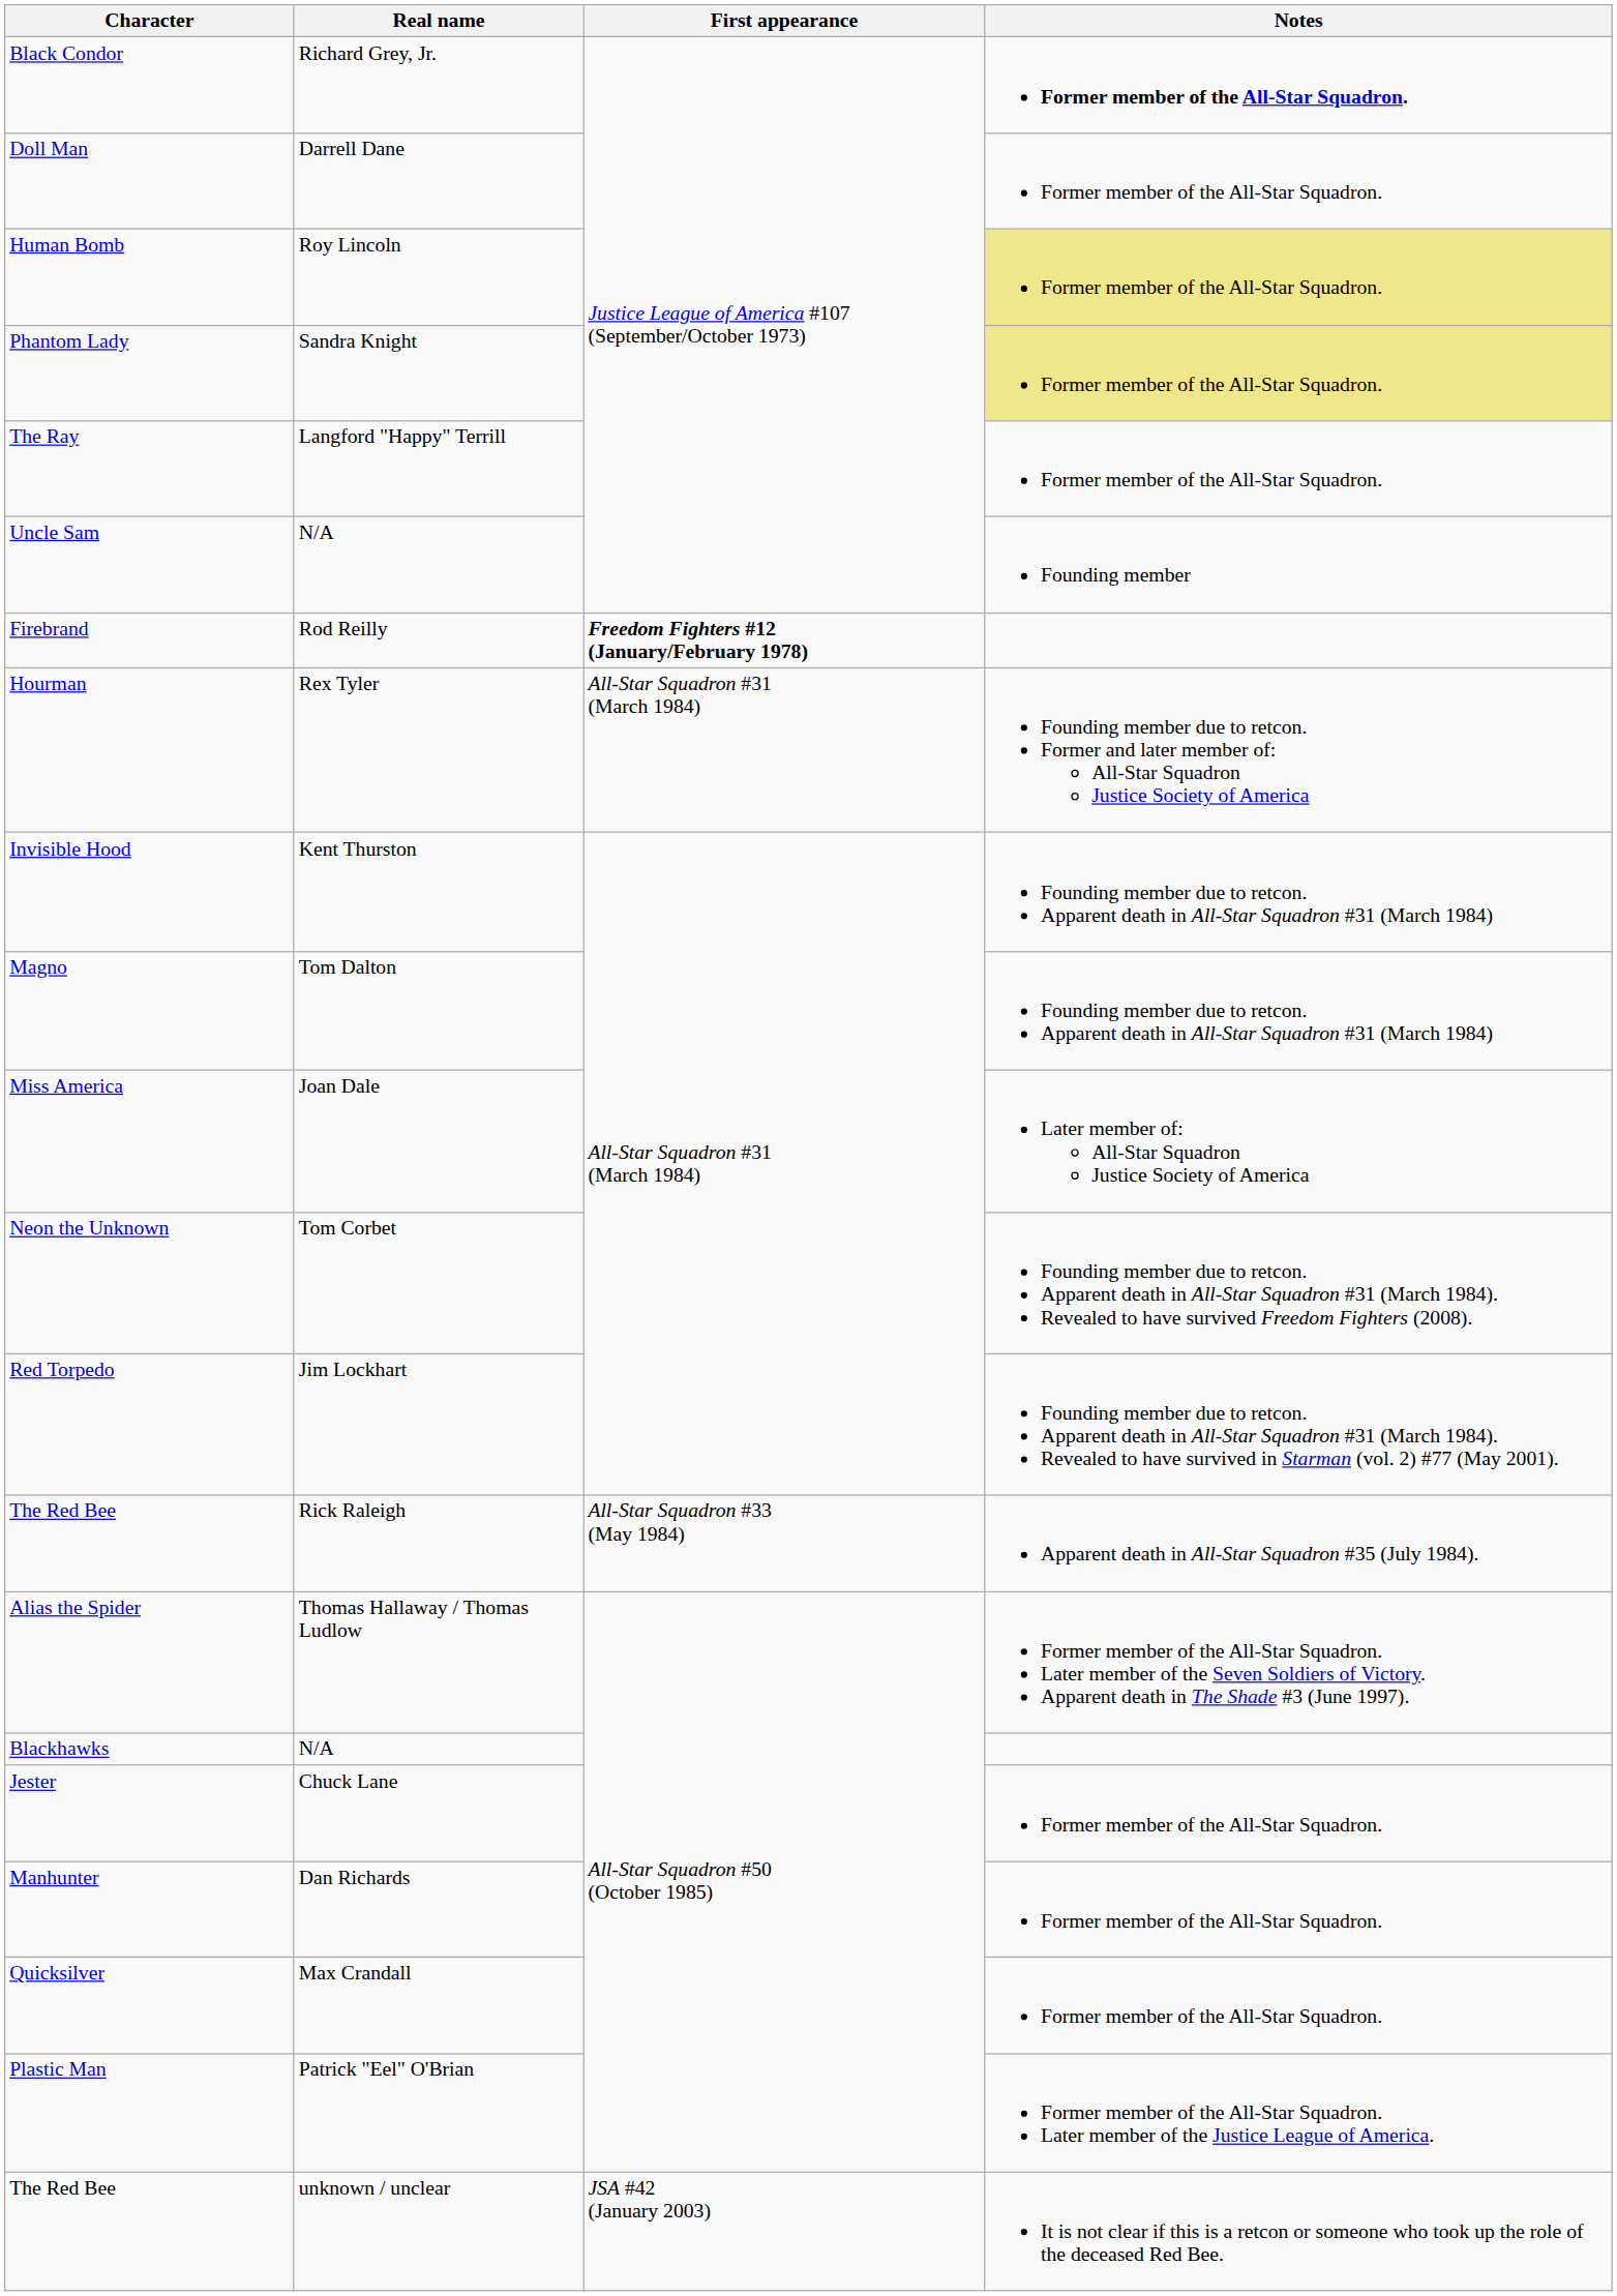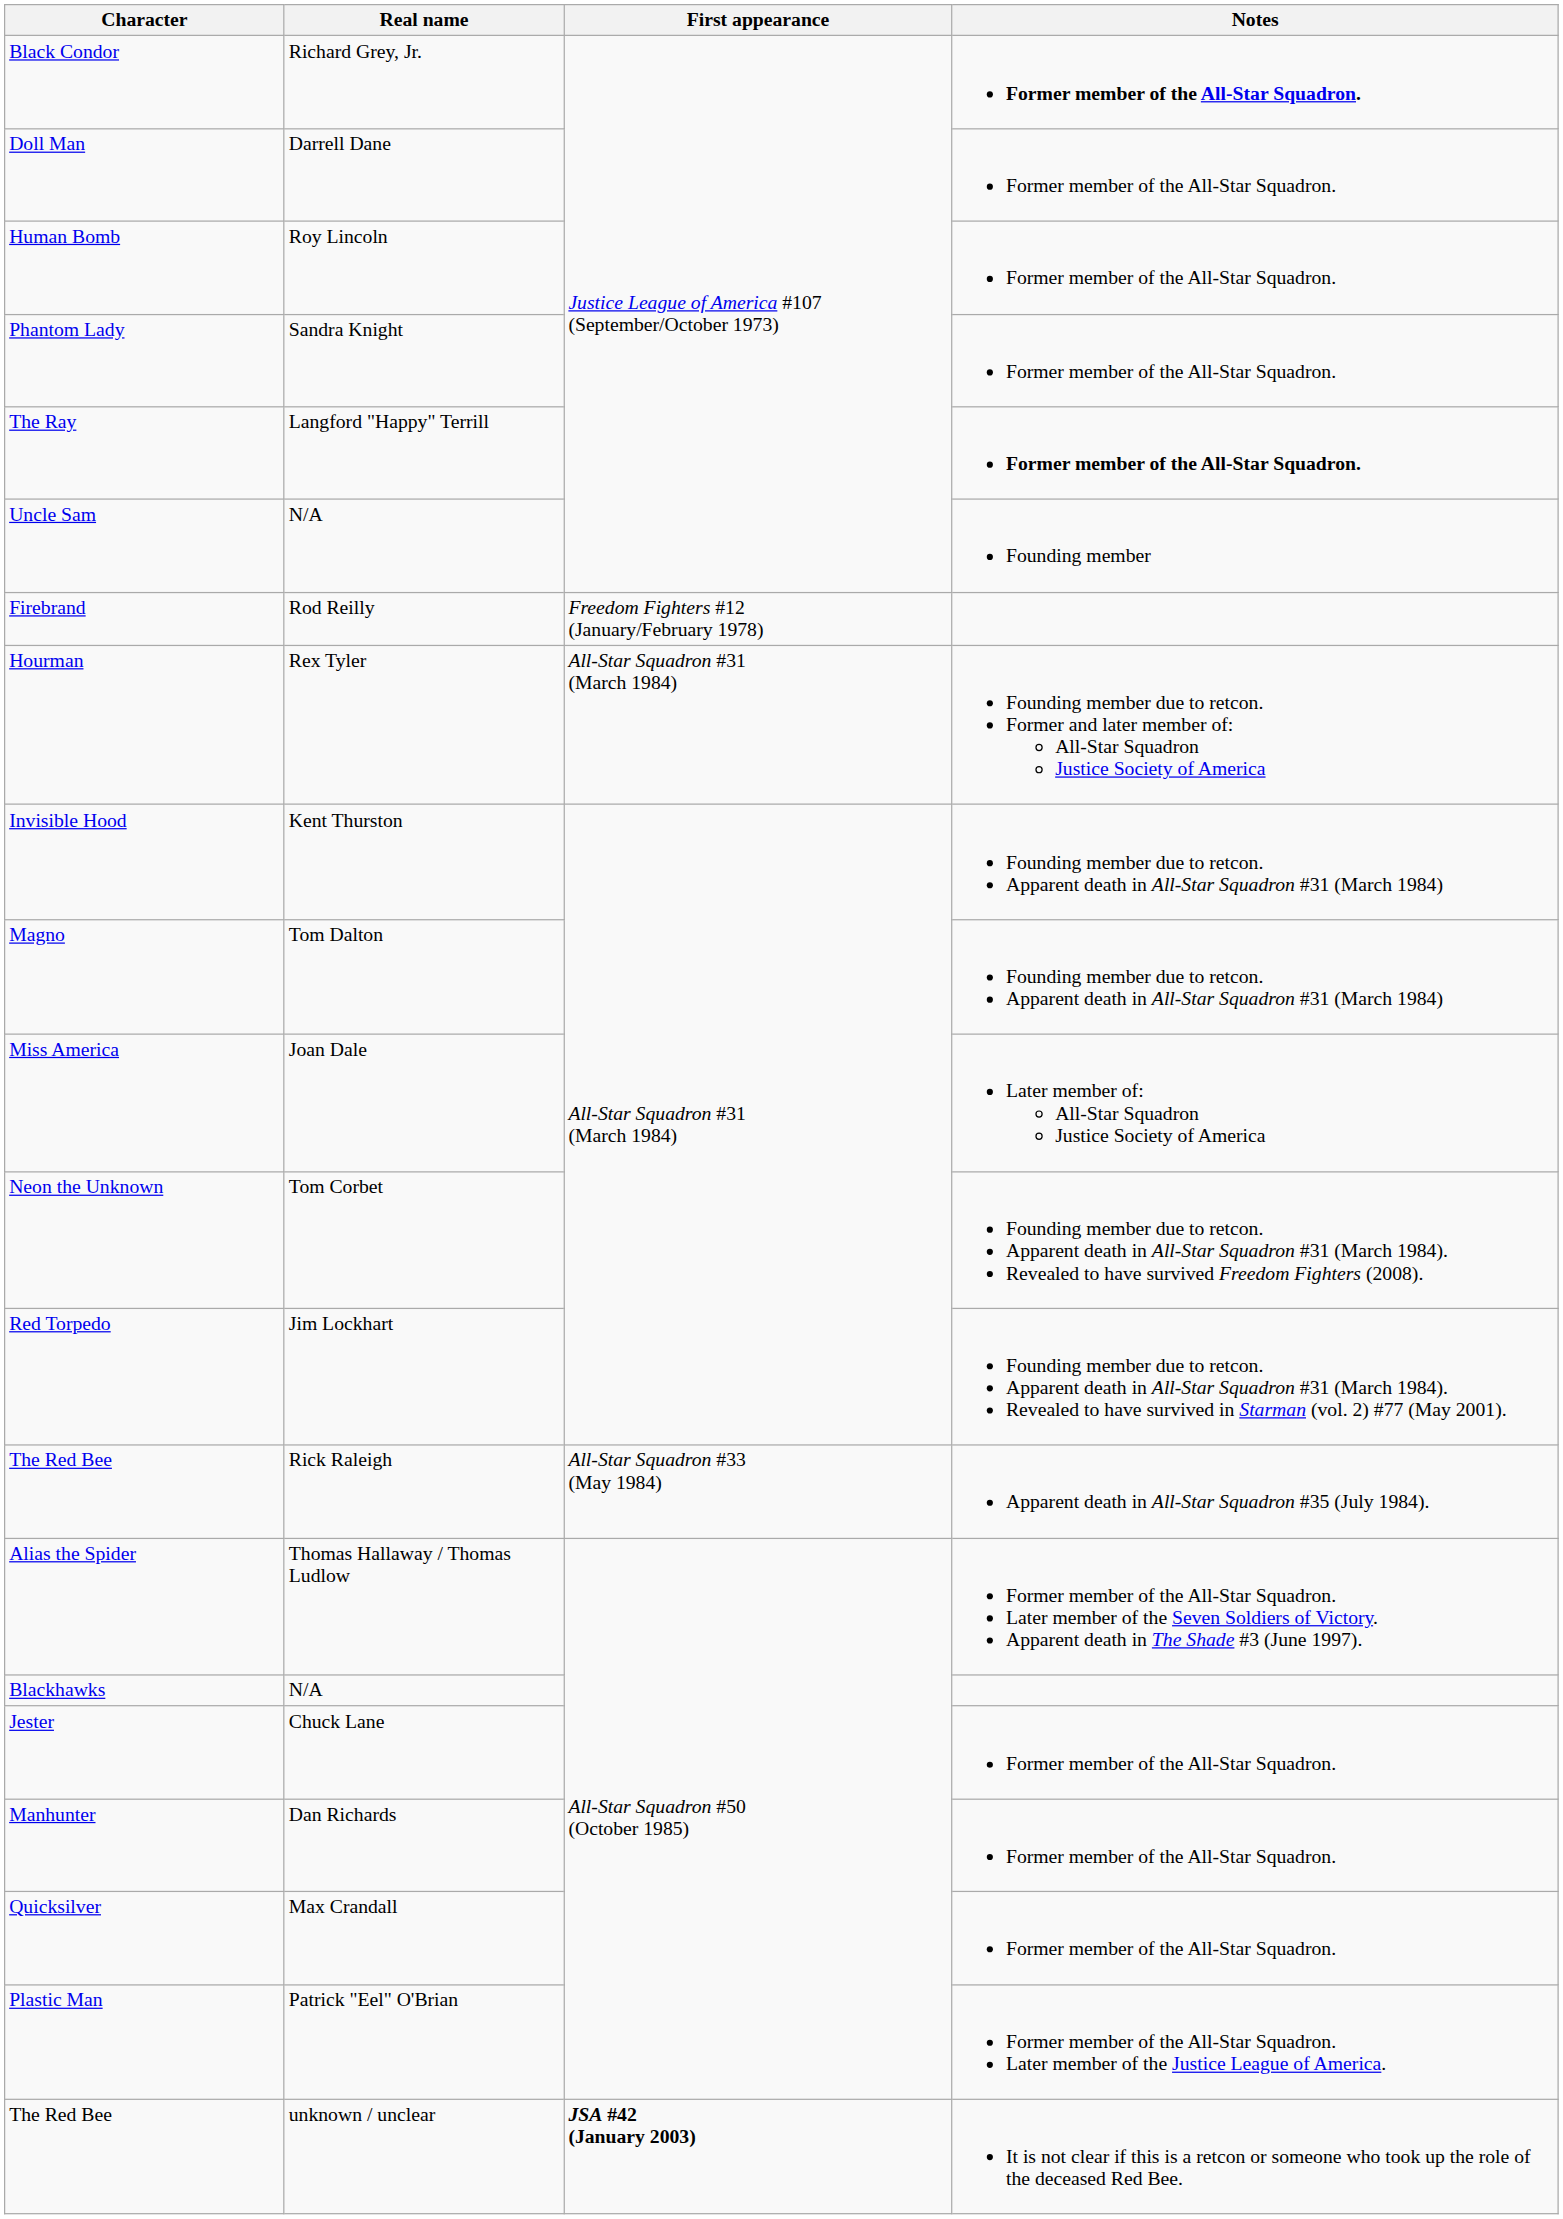 <table class="wikitable" width=100%>
 <tr>
 <th width=18%>Character</th>
 <th width=18%>Real name</th>
 <th width=25%>First appearance</th>
 <th width=39%>Notes</th>
 </tr>
 <tr>
 <td valign="top"><a href='#'>Black Condor</a></td>
 <td valign="top">Richard Grey, Jr.</td>
 <td rowspan="6"><em><a href='#'>Justice League of America</a></em> #107<br>(September/October 1973)</td>
 <td valign="top"><strong><br><ul><li>Former member of the <a href='#'>All-Star Squadron</a>.</li></ul></strong></td>
 </tr>
 <tr>
 <td valign="top"><a href='#'>Doll Man</a></td>
 <td valign="top">Darrell Dane</td>
 <td valign="top"><br><ul><li>Former member of the All-Star Squadron.</li></ul></td>
 </tr>
 <tr>
 <td valign="top"><a href='#'>Human Bomb</a></td>
 <td valign="top">Roy Lincoln</td>
-<td valign="top" style="background: khaki;"><br><ul><li>Former member of the All-Star Squadron.</li></ul></td>
+<td valign="top"><br><ul><li>Former member of the All-Star Squadron.</li></ul></td>
 </tr>
 <tr>
 <td valign="top"><a href='#'>Phantom Lady</a></td>
 <td valign="top">Sandra Knight</td>
-<td valign="top" style="background: khaki;"><br><ul><li>Former member of the All-Star Squadron.</li></ul></td>
+<td valign="top"><br><ul><li>Former member of the All-Star Squadron.</li></ul></td>
 </tr>
 <tr>
 <td valign="top"><a href='#'>The Ray</a></td>
 <td valign="top">Langford "Happy" Terrill</td>
-<td valign="top"><br><ul><li>Former member of the All-Star Squadron.</li></ul></td>
+<td valign="top"><strong><br><ul><li>Former member of the All-Star Squadron.</li></ul></strong></td>
 </tr>
 <tr>
 <td valign="top"><a href='#'>Uncle Sam</a></td>
 <td valign="top">N/A</td>
 <td valign="top"><br><ul><li>Founding member</li></ul></td>
 </tr>
 <tr>
 <td valign="top"><a href='#'>Firebrand</a></td>
 <td valign="top">Rod Reilly</td>
-<td valign="top"><strong><em>Freedom Fighters</em> #12<br>(January/February 1978)</strong></td>
+<td valign="top"><em>Freedom Fighters</em> #12<br>(January/February 1978)</td>
 <td valign="top"></td>
 </tr>
 <tr>
 <td valign="top"><a href='#'>Hourman</a></td>
 <td valign="top">Rex Tyler</td>
 <td valign="top"><em>All-Star Squadron</em> #31<br>(March 1984)</td>
 <td valign="top"><br><ul><li>Founding member due to retcon.</li><li>Former and later member of:<ul><li>All-Star Squadron</li><li><a href='#'>Justice Society of America</a></li></ul></li></ul></td>
 </tr>
 <tr>
 <td valign="top"><a href='#'>Invisible Hood</a></td>
 <td valign="top">Kent Thurston</td>
 <td rowspan="5"><em>All-Star Squadron</em> #31<br>(March 1984)</td>
 <td valign="top"><br><ul><li>Founding member due to retcon.</li><li>Apparent death in <em>All-Star Squadron</em> #31 (March 1984)</li></ul></td>
 </tr>
 <tr>
 <td valign="top"><a href='#'>Magno</a></td>
 <td valign="top">Tom Dalton</td>
 <td valign="top"><br><ul><li>Founding member due to retcon.</li><li>Apparent death in <em>All-Star Squadron</em> #31 (March 1984)</li></ul></td>
 </tr>
 <tr>
 <td valign="top"><a href='#'>Miss America</a></td>
 <td valign="top">Joan Dale</td>
 <td valign="top"><br><ul><li>Later member of:<ul><li>All-Star Squadron</li><li>Justice Society of America</li></ul></li></ul></td>
 </tr>
 <tr>
 <td valign="top"><a href='#'>Neon the Unknown</a></td>
 <td valign="top">Tom Corbet</td>
 <td valign="top"><br><ul><li>Founding member due to retcon.</li><li>Apparent death in <em>All-Star Squadron</em> #31 (March 1984).</li><li>Revealed to have survived <em>Freedom Fighters</em> (2008).</li></ul></td>
 </tr>
 <tr>
 <td valign="top"><a href='#'>Red Torpedo</a></td>
 <td valign="top">Jim Lockhart</td>
 <td valign="top"><br><ul><li>Founding member due to retcon.</li><li>Apparent death in <em>All-Star Squadron</em> #31 (March 1984).</li><li>Revealed to have survived in <em><a href='#'>Starman</a></em> (vol. 2) #77 (May 2001).</li></ul></td>
 </tr>
 <tr>
 <td valign="top"><a href='#'>The Red Bee</a></td>
 <td valign="top">Rick Raleigh</td>
 <td valign="top"><em>All-Star Squadron</em> #33<br>(May 1984)</td>
 <td valign="top"><br><ul><li>Apparent death in <em>All-Star Squadron</em> #35 (July 1984).</li></ul></td>
 </tr>
 <tr>
 <td valign="top"><a href='#'>Alias the Spider</a></td>
 <td valign="top">Thomas Hallaway / Thomas Ludlow</td>
 <td rowspan="6"><em>All-Star Squadron</em> #50<br>(October 1985)</td>
 <td valign="top"><br><ul><li>Former member of the All-Star Squadron.</li><li>Later member of the <a href='#'>Seven Soldiers of Victory</a>.</li><li>Apparent death in <em><a href='#'>The Shade</a></em> #3 (June 1997).</li></ul></td>
 </tr>
 <tr>
 <td valign="top"><a href='#'>Blackhawks</a></td>
 <td valign="top">N/A</td>
 <td valign="top"></td>
 </tr>
 <tr>
 <td valign="top"><a href='#'>Jester</a></td>
 <td valign="top">Chuck Lane</td>
 <td valign="top"><br><ul><li>Former member of the All-Star Squadron.</li></ul></td>
 </tr>
 <tr>
 <td valign="top"><a href='#'>Manhunter</a></td>
 <td valign="top">Dan Richards</td>
 <td valign="top"><br><ul><li>Former member of the All-Star Squadron.</li></ul></td>
 </tr>
 <tr>
 <td valign="top"><a href='#'>Quicksilver</a></td>
 <td valign="top">Max Crandall</td>
 <td valign="top"><br><ul><li>Former member of the All-Star Squadron.</li></ul></td>
 </tr>
 <tr>
 <td valign="top"><a href='#'>Plastic Man</a></td>
 <td valign="top">Patrick "Eel" O'Brian</td>
 <td valign="top"><br><ul><li>Former member of the All-Star Squadron.</li><li>Later member of the <a href='#'>Justice League of America</a>.</li></ul></td>
 </tr>
 <tr>
 <td valign="top">The Red Bee</td>
 <td valign="top">unknown / unclear</td>
-<td valign="top"><em>JSA</em> #42<br>(January 2003)</td>
+<td valign="top"><strong><em>JSA</em> #42<br>(January 2003)</strong></td>
 <td valign="top"><br><ul><li>It is not clear if this is a retcon or someone who took up the role of the deceased Red Bee.</li></ul></td>
 </tr>
 </table>
